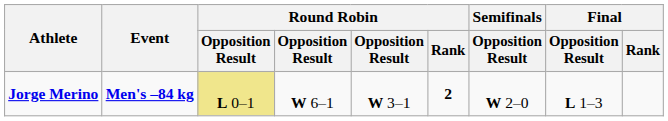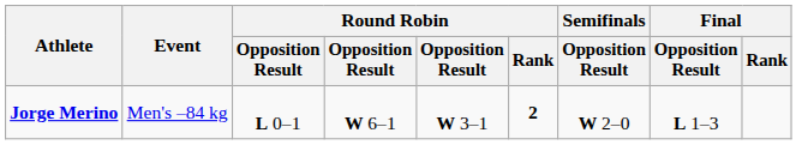 <table class="wikitable" border="1" style="font-size:90%">
 <tr>
 <th rowspan=2>Athlete</th>
 <th rowspan=2>Event</th>
 <th colspan=4>Round Robin</th>
 <th>Semifinals</th>
 <th colspan=2>Final</th>
 </tr>
 <tr style="font-size:95%">
 <th>Opposition<br>Result</th>
 <th>Opposition<br>Result</th>
 <th>Opposition<br>Result</th>
 <th>Rank</th>
 <th>Opposition<br>Result</th>
 <th>Opposition<br>Result</th>
 <th>Rank</th>
 </tr>
 <tr align=center>
 <td align=left><strong><a href='#'>Jorge Merino</a></strong></td>
-<td align=left><strong><a href='#'>Men's –84 kg</a></strong></td>
-<td style="background: khaki;"><br><strong>L</strong> 0–1</td>
+<td align=left><a href='#'>Men's –84 kg</a></td>
+<td><br><strong>L</strong> 0–1</td>
 <td><br><strong>W</strong> 6–1</td>
 <td><br><strong>W</strong> 3–1</td>
 <td><strong>2</strong></td>
 <td><br><strong>W</strong> 2–0</td>
 <td><br><strong>L</strong> 1–3</td>
 <td></td>
 </tr>
 </table>
